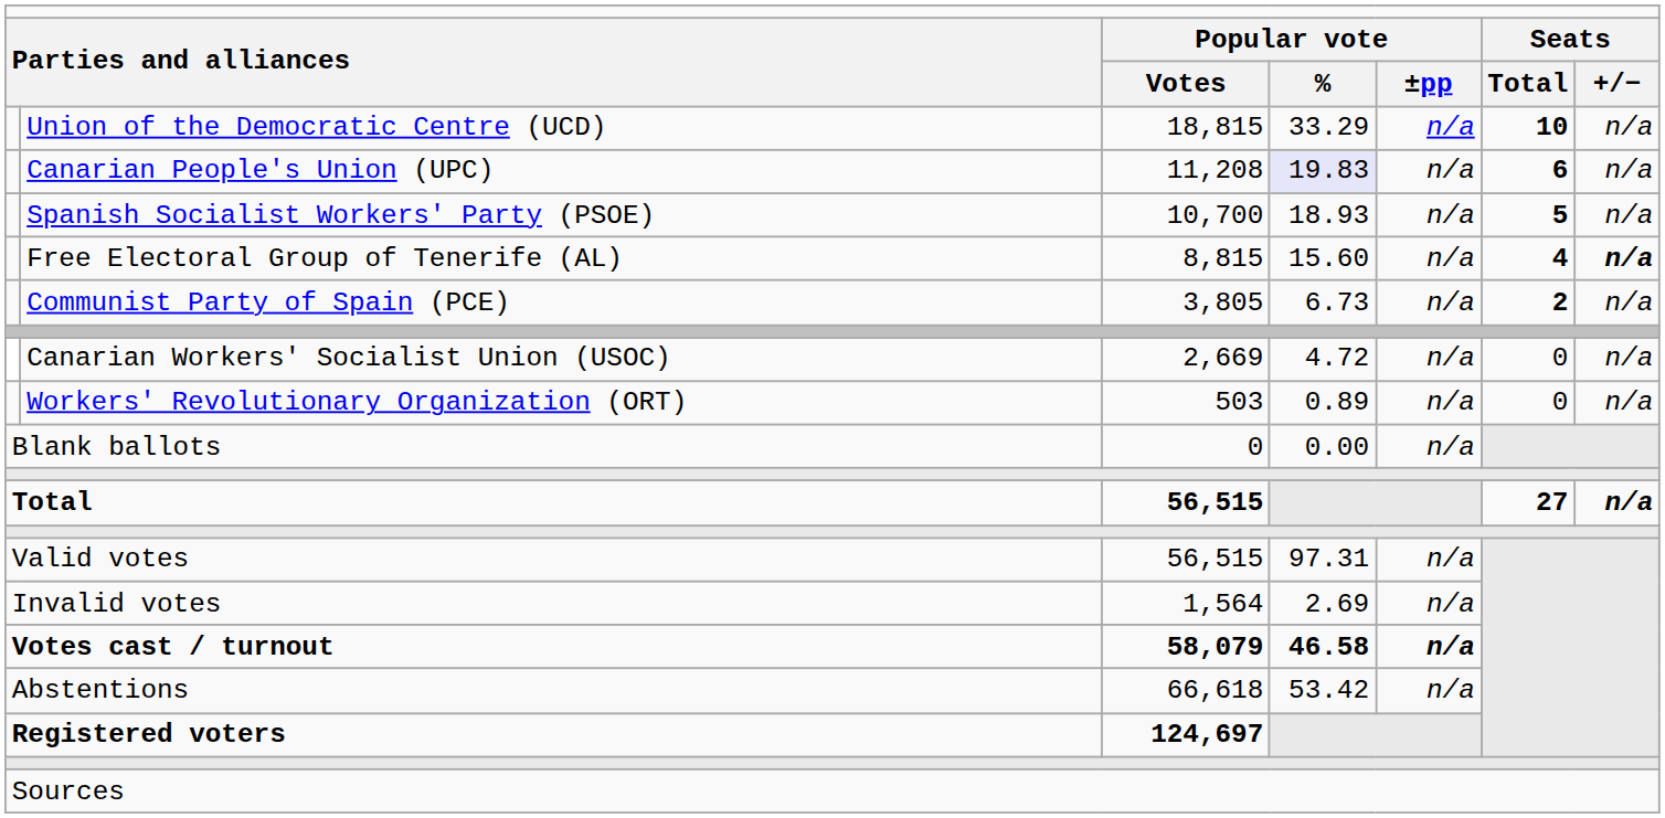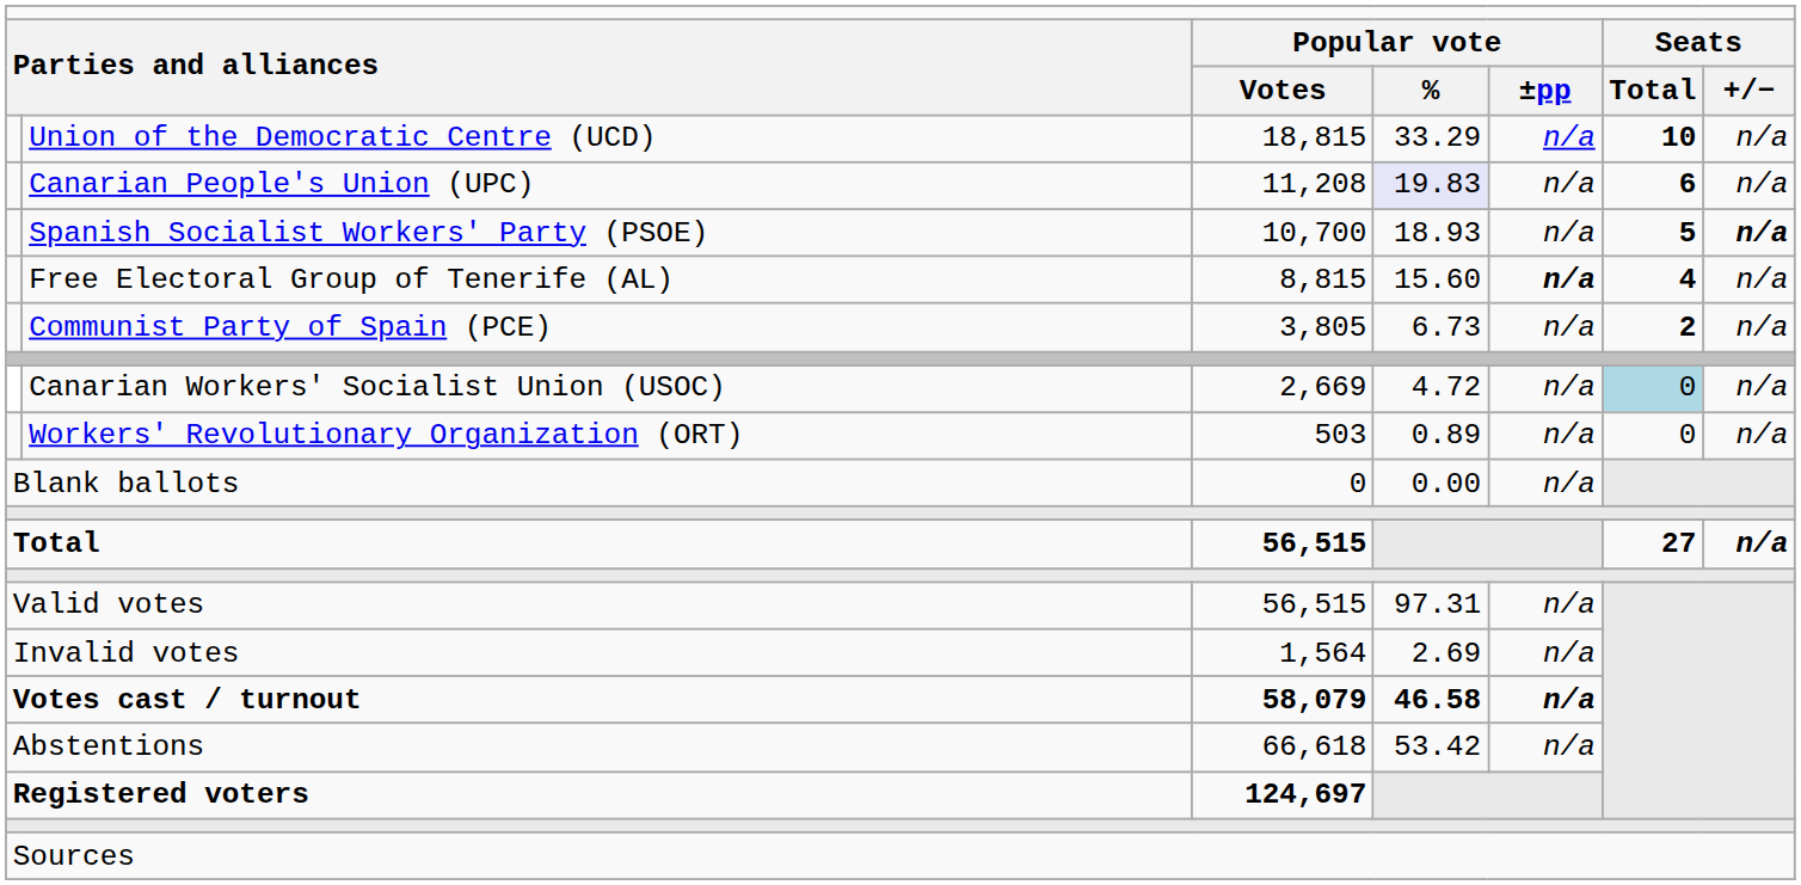 <table class="wikitable" style="text-align:right;">
 <tr>
 <td colspan="7"></td>
 </tr>
 <tr>
 <th style="text-align:left;" rowspan="2" colspan="2" width="525">Parties and alliances</th>
 <th colspan="3">Popular vote</th>
 <th colspan="2">Seats</th>
 </tr>
 <tr>
 <th width="75">Votes</th>
 <th width="45">%</th>
 <th width="45">±<a href='#'>pp</a></th>
 <th width="35">Total</th>
 <th width="35">+/−</th>
 </tr>
 <tr>
 <td width="1" style="color:inherit;background:"></td>
 <td align="left"><a href='#'>Union of the Democratic Centre</a> (UCD)</td>
 <td>18,815</td>
 <td>33.29</td>
 <td><em><a href='#'>n/a</a></em></td>
 <td><strong>10</strong></td>
 <td><em>n/a</em></td>
 </tr>
 <tr>
 <td style="color:inherit;background:"></td>
 <td align="left"><a href='#'>Canarian People's Union</a> (UPC)</td>
 <td>11,208</td>
 <td style="background: lavender;">19.83</td>
 <td><em>n/a</em></td>
 <td><strong>6</strong></td>
 <td><em>n/a</em></td>
 </tr>
 <tr>
 <td style="color:inherit;background:"></td>
 <td align="left"><a href='#'>Spanish Socialist Workers' Party</a> (PSOE)</td>
 <td>10,700</td>
 <td>18.93</td>
 <td><em>n/a</em></td>
 <td><strong>5</strong></td>
-<td><em>n/a</em></td>
+<td><strong><em>n/a</em></strong></td>
 </tr>
 <tr>
 <td style="color:inherit;background:"></td>
 <td align="left">Free Electoral Group of Tenerife (AL)</td>
 <td>8,815</td>
 <td>15.60</td>
+<td><strong><em>n/a</em></strong></td>
+<td><strong>4</strong></td>
 <td><em>n/a</em></td>
-<td><strong>4</strong></td>
-<td><strong><em>n/a</em></strong></td>
 </tr>
 <tr>
 <td style="color:inherit;background:"></td>
 <td align="left"><a href='#'>Communist Party of Spain</a> (PCE)</td>
 <td>3,805</td>
 <td>6.73</td>
 <td><em>n/a</em></td>
 <td><strong>2</strong></td>
 <td><em>n/a</em></td>
 </tr>
 <tr>
 <td colspan="7" bgcolor="#C0C0C0"></td>
 </tr>
 <tr>
 <td bgcolor="white"></td>
 <td align="left">Canarian Workers' Socialist Union (USOC)</td>
 <td>2,669</td>
 <td>4.72</td>
 <td><em>n/a</em></td>
-<td>0</td>
+<td style="background: lightblue;">0</td>
 <td><em>n/a</em></td>
 </tr>
 <tr>
 <td style="color:inherit;background:"></td>
 <td align="left"><a href='#'>Workers' Revolutionary Organization</a> (ORT)</td>
 <td>503</td>
 <td>0.89</td>
 <td><em>n/a</em></td>
 <td>0</td>
 <td><em>n/a</em></td>
 </tr>
 <tr>
 <td align="left" colspan="2">Blank ballots</td>
 <td>0</td>
 <td>0.00</td>
 <td><em>n/a</em></td>
 <td bgcolor="#E9E9E9" colspan="2"></td>
 </tr>
 <tr>
 <td colspan="7" bgcolor="#E9E9E9"></td>
 </tr>
 <tr style="font-weight:bold;">
 <td align="left" colspan="2">Total</td>
 <td>56,515</td>
 <td bgcolor="#E9E9E9" colspan="2"></td>
 <td>27</td>
 <td><em>n/a</em></td>
 </tr>
 <tr>
 <td colspan="7" bgcolor="#E9E9E9"></td>
 </tr>
 <tr>
 <td align="left" colspan="2">Valid votes</td>
 <td>56,515</td>
 <td>97.31</td>
 <td><em>n/a</em></td>
 <td bgcolor="#E9E9E9" colspan="2" rowspan="5"></td>
 </tr>
 <tr>
 <td align="left" colspan="2">Invalid votes</td>
 <td>1,564</td>
 <td>2.69</td>
 <td><em>n/a</em></td>
 </tr>
 <tr style="font-weight:bold;">
 <td align="left" colspan="2">Votes cast / turnout</td>
 <td>58,079</td>
 <td>46.58</td>
 <td><em>n/a</em></td>
 </tr>
 <tr>
 <td align="left" colspan="2">Abstentions</td>
 <td>66,618</td>
 <td>53.42</td>
 <td><em>n/a</em></td>
 </tr>
 <tr style="font-weight:bold;">
 <td align="left" colspan="2">Registered voters</td>
 <td>124,697</td>
 <td bgcolor="#E9E9E9" colspan="2"></td>
 </tr>
 <tr>
 <td colspan="7" bgcolor="#E9E9E9"></td>
 </tr>
 <tr>
 <td align="left" colspan="7">Sources</td>
 </tr>
 </table>
